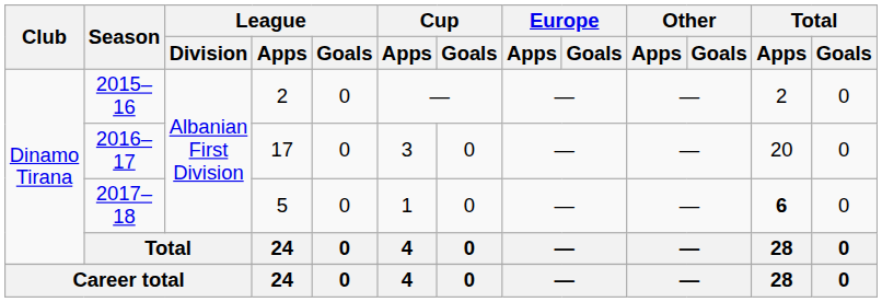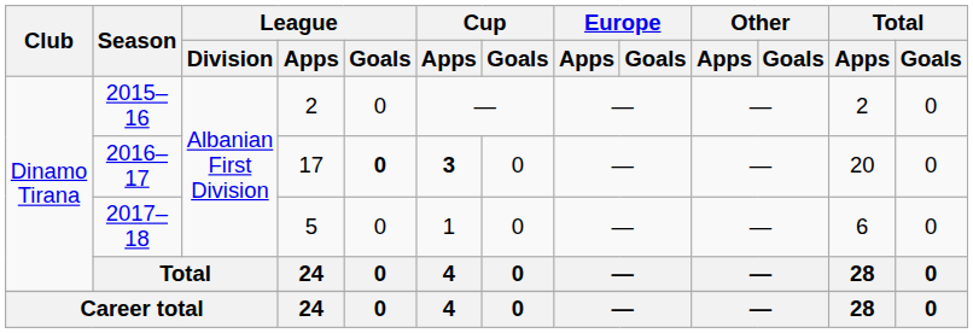 <table class="wikitable" style="text-align:center">
 <tr>
 <th rowspan="2">Club</th>
 <th rowspan="2">Season</th>
 <th colspan="3">League</th>
 <th colspan="2">Cup</th>
 <th colspan="2"><a href='#'>Europe</a></th>
 <th colspan="2">Other</th>
 <th colspan="2">Total</th>
 </tr>
 <tr>
 <th>Division</th>
 <th>Apps</th>
 <th>Goals</th>
 <th>Apps</th>
 <th>Goals</th>
 <th>Apps</th>
 <th>Goals</th>
 <th>Apps</th>
 <th>Goals</th>
 <th>Apps</th>
 <th>Goals</th>
 </tr>
 <tr>
 <td rowspan="4" valign="center"><a href='#'>Dinamo Tirana</a></td>
 <td><a href='#'>2015–16</a></td>
 <td rowspan="3"><a href='#'>Albanian First Division</a></td>
 <td>2</td>
 <td>0</td>
 <td colspan="2">—</td>
 <td colspan="2">—</td>
 <td colspan="2">—</td>
 <td>2</td>
 <td>0</td>
 </tr>
 <tr>
 <td><a href='#'>2016–17</a></td>
 <td>17</td>
-<td>0</td>
-<td>3</td>
+<td><strong>0</strong></td>
+<td><strong>3</strong></td>
 <td>0</td>
 <td colspan="2">—</td>
 <td colspan="2">—</td>
 <td>20</td>
 <td>0</td>
 </tr>
 <tr>
 <td><a href='#'>2017–18</a></td>
 <td>5</td>
 <td>0</td>
 <td>1</td>
 <td>0</td>
 <td colspan="2">—</td>
 <td colspan="2">—</td>
-<td><strong>6</strong></td>
+<td>6</td>
 <td>0</td>
 </tr>
 <tr>
 <th colspan="2" valign="center">Total</th>
 <th>24</th>
 <th>0</th>
 <th>4</th>
 <th>0</th>
 <th colspan="2">—</th>
 <th colspan="2">—</th>
 <th>28</th>
 <th>0</th>
 </tr>
 <tr>
 </tr>
 <tr>
 <th colspan="3">Career total</th>
 <th>24</th>
 <th>0</th>
 <th>4</th>
 <th>0</th>
 <th colspan="2">—</th>
 <th colspan="2">—</th>
 <th>28</th>
 <th>0</th>
 </tr>
 </table>
